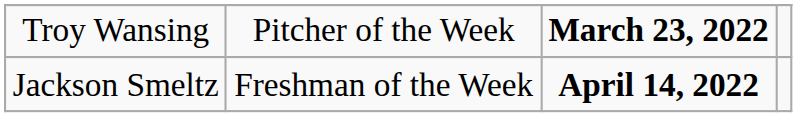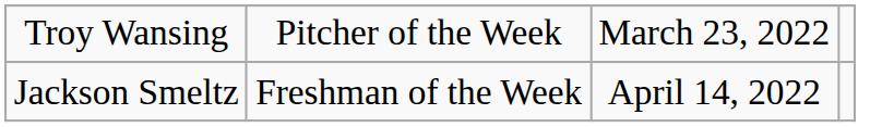 <table class="wikitable sortable" style="text-align: center">
 <tr align=center>
 </tr>
 <tr>
 <td>Troy Wansing</td>
 <td rowspan="1">Pitcher of the Week</td>
-<td rowspan="1"><strong>March 23, 2022</strong></td>
+<td rowspan="1">March 23, 2022</td>
 <td rowspan="1"></td>
 </tr>
 <tr>
 <td>Jackson Smeltz</td>
 <td rowspan="1">Freshman of the Week</td>
-<td rowspan="1"><strong>April 14, 2022</strong></td>
+<td rowspan="1">April 14, 2022</td>
 <td rowspan="1"></td>
 </tr>
 </table>
